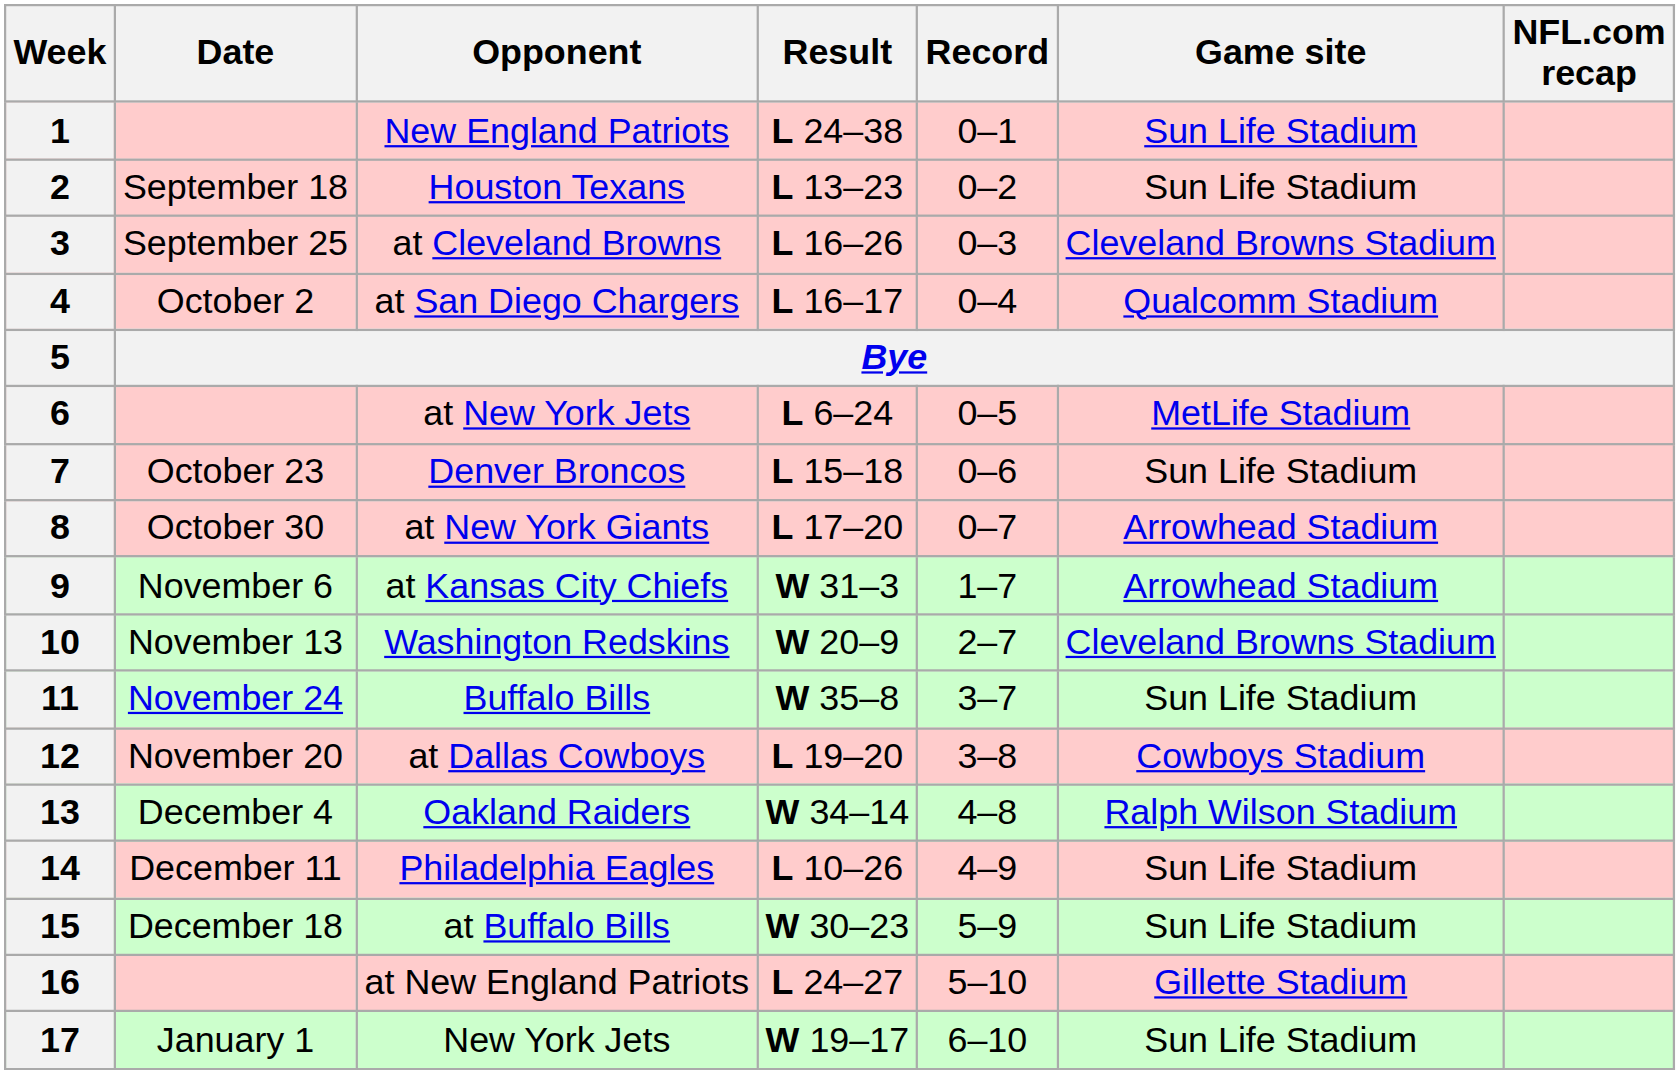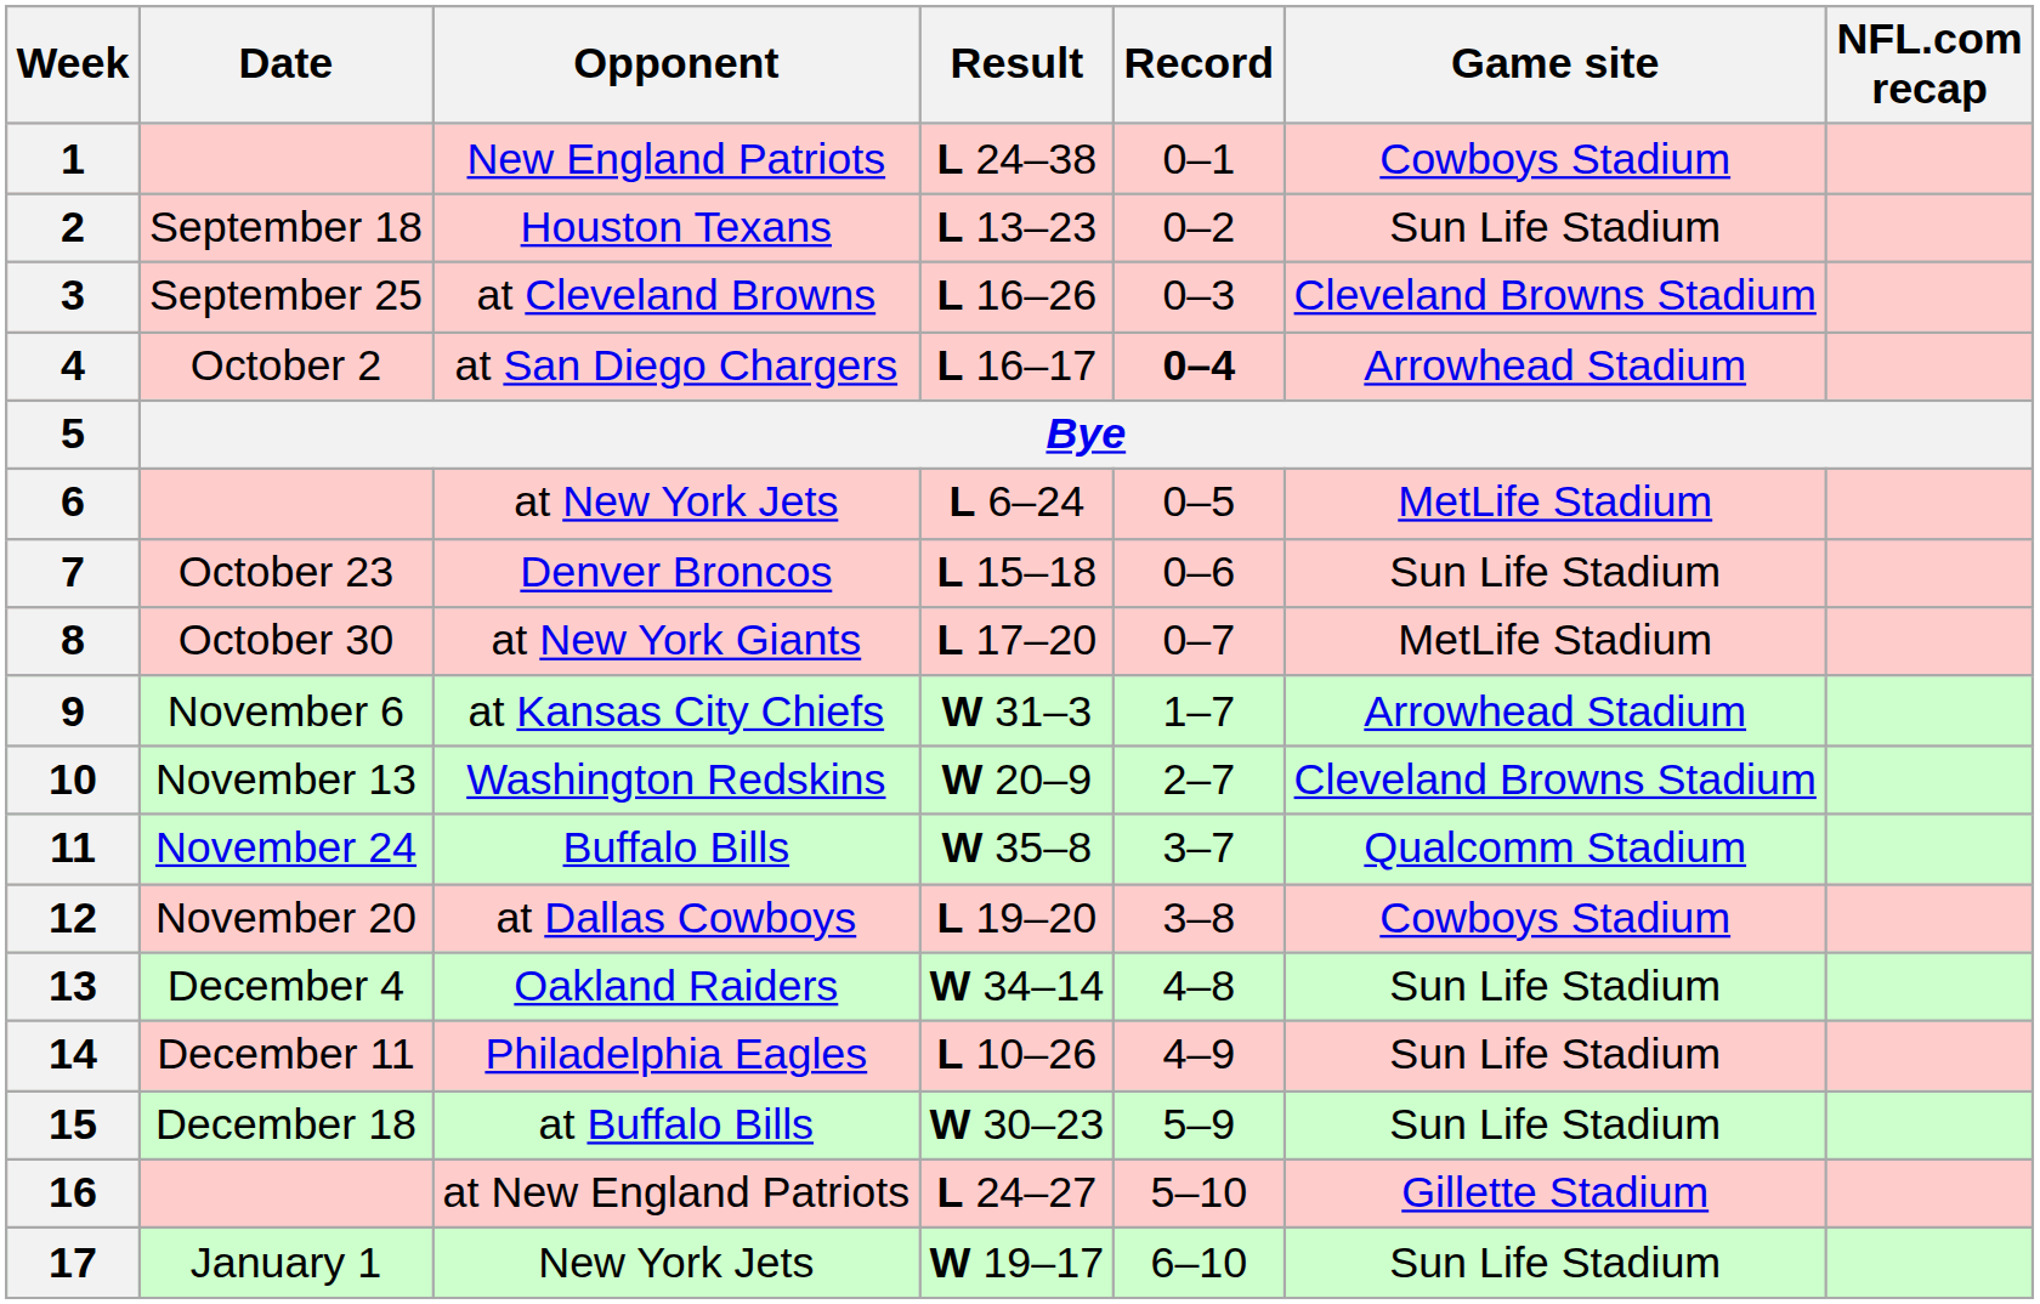 <table class="wikitable" style="text-align:center">
 <tr>
 <th>Week</th>
 <th>Date</th>
 <th>Opponent</th>
 <th>Result</th>
 <th>Record</th>
 <th>Game site</th>
 <th>NFL.com<br>recap</th>
 </tr>
 <tr style="background:#fcc">
 <th>1</th>
 <td></td>
 <td><a href='#'>New England Patriots</a></td>
 <td><strong>L</strong> 24–38</td>
 <td>0–1</td>
-<td><a href='#'>Sun Life Stadium</a></td>
+<td><a href='#'>Cowboys Stadium</a></td>
 <td></td>
 </tr>
 <tr style="background:#fcc">
 <th>2</th>
 <td>September 18</td>
 <td><a href='#'>Houston Texans</a></td>
 <td><strong>L</strong> 13–23</td>
 <td>0–2</td>
 <td>Sun Life Stadium</td>
 <td></td>
 </tr>
 <tr style="background:#fcc">
 <th>3</th>
 <td>September 25</td>
 <td>at <a href='#'>Cleveland Browns</a></td>
 <td><strong>L</strong> 16–26</td>
 <td>0–3</td>
 <td><a href='#'>Cleveland Browns Stadium</a></td>
 <td></td>
 </tr>
 <tr style="background:#fcc">
 <th>4</th>
 <td>October 2</td>
 <td>at <a href='#'>San Diego Chargers</a></td>
 <td><strong>L</strong> 16–17</td>
-<td>0–4</td>
-<td><a href='#'>Qualcomm Stadium</a></td>
+<td><strong>0–4</strong></td>
+<td><a href='#'>Arrowhead Stadium</a></td>
 <td></td>
 </tr>
 <tr>
 <th>5</th>
 <th colspan=8><em><a href='#'>Bye</a></em></th>
 </tr>
 <tr style="background:#fcc">
 <th>6</th>
 <td></td>
 <td>at <a href='#'>New York Jets</a></td>
 <td><strong>L</strong> 6–24</td>
 <td>0–5</td>
 <td><a href='#'>MetLife Stadium</a></td>
 <td></td>
 </tr>
 <tr style="background:#fcc">
 <th>7</th>
 <td>October 23</td>
 <td><a href='#'>Denver Broncos</a></td>
 <td><strong>L</strong> 15–18 </td>
 <td>0–6</td>
 <td>Sun Life Stadium</td>
 <td></td>
 </tr>
 <tr style="background:#fcc">
 <th>8</th>
 <td>October 30</td>
 <td>at <a href='#'>New York Giants</a></td>
 <td><strong>L</strong> 17–20</td>
 <td>0–7</td>
-<td><a href='#'>Arrowhead Stadium</a></td>
+<td>MetLife Stadium</td>
 <td></td>
 </tr>
 <tr style="background:#cfc">
 <th>9</th>
 <td>November 6</td>
 <td>at <a href='#'>Kansas City Chiefs</a></td>
 <td><strong>W</strong> 31–3</td>
 <td>1–7</td>
 <td><a href='#'>Arrowhead Stadium</a></td>
 <td></td>
 </tr>
 <tr style="background:#cfc">
 <th>10</th>
 <td>November 13</td>
 <td><a href='#'>Washington Redskins</a></td>
 <td><strong>W</strong> 20–9</td>
 <td>2–7</td>
 <td><a href='#'>Cleveland Browns Stadium</a></td>
 <td></td>
 </tr>
 <tr style="background:#cfc">
 <th>11</th>
 <td><a href='#'>November 24</a></td>
 <td><a href='#'>Buffalo Bills</a></td>
 <td><strong>W</strong> 35–8</td>
 <td>3–7</td>
-<td>Sun Life Stadium</td>
+<td><a href='#'>Qualcomm Stadium</a></td>
 <td></td>
 </tr>
 <tr style="background:#fcc">
 <th>12</th>
 <td>November 20</td>
 <td>at <a href='#'>Dallas Cowboys</a></td>
 <td><strong>L</strong> 19–20</td>
 <td>3–8</td>
 <td><a href='#'>Cowboys Stadium</a></td>
 <td></td>
 </tr>
 <tr style="background:#cfc">
 <th>13</th>
 <td>December 4</td>
 <td><a href='#'>Oakland Raiders</a></td>
 <td><strong>W</strong> 34–14</td>
 <td>4–8</td>
-<td><a href='#'>Ralph Wilson Stadium</a></td>
+<td>Sun Life Stadium</td>
 <td></td>
 </tr>
 <tr style="background:#fcc">
 <th>14</th>
 <td>December 11</td>
 <td><a href='#'>Philadelphia Eagles</a></td>
 <td><strong>L</strong> 10–26</td>
 <td>4–9</td>
 <td>Sun Life Stadium</td>
 <td></td>
 </tr>
 <tr style="background:#cfc">
 <th>15</th>
 <td>December 18</td>
 <td>at <a href='#'>Buffalo Bills</a></td>
 <td><strong>W</strong> 30–23</td>
 <td>5–9</td>
 <td>Sun Life Stadium</td>
 <td></td>
 </tr>
 <tr style="background:#fcc">
 <th>16</th>
 <td></td>
 <td>at New England Patriots</td>
 <td><strong>L</strong> 24–27</td>
 <td>5–10</td>
 <td><a href='#'>Gillette Stadium</a></td>
 <td></td>
 </tr>
 <tr style="background:#cfc">
 <th>17</th>
 <td>January 1</td>
 <td>New York Jets</td>
 <td><strong>W</strong> 19–17</td>
 <td>6–10</td>
 <td>Sun Life Stadium</td>
 <td></td>
 </tr>
 </table>
